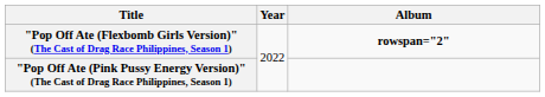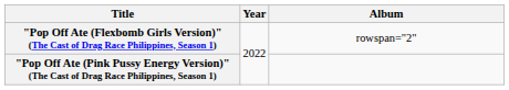 <table class="wikitable plainrowheaders" style="text-align:center;">
 <tr>
 <th style="width:20em;">Title</th>
 <th style="width:1em;">Year</th>
 <th style="width:20em;">Album</th>
 </tr>
 <tr>
 <th scope="row">"Pop Off Ate (Flexbomb Girls Version)"<br><small>(<a href='#'>The Cast of Drag Race Philippines, Season 1</a>)</small></th>
 <td rowspan="2">2022</td>
-<td><strong>rowspan="2" </strong></td>
+<td>rowspan="2" </td>
 </tr>
 <tr>
 <th scope="row">"Pop Off Ate (Pink Pussy Energy Version)"<br><small>(The Cast of Drag Race Philippines, Season 1)</small></th>
 </tr>
 </table>
